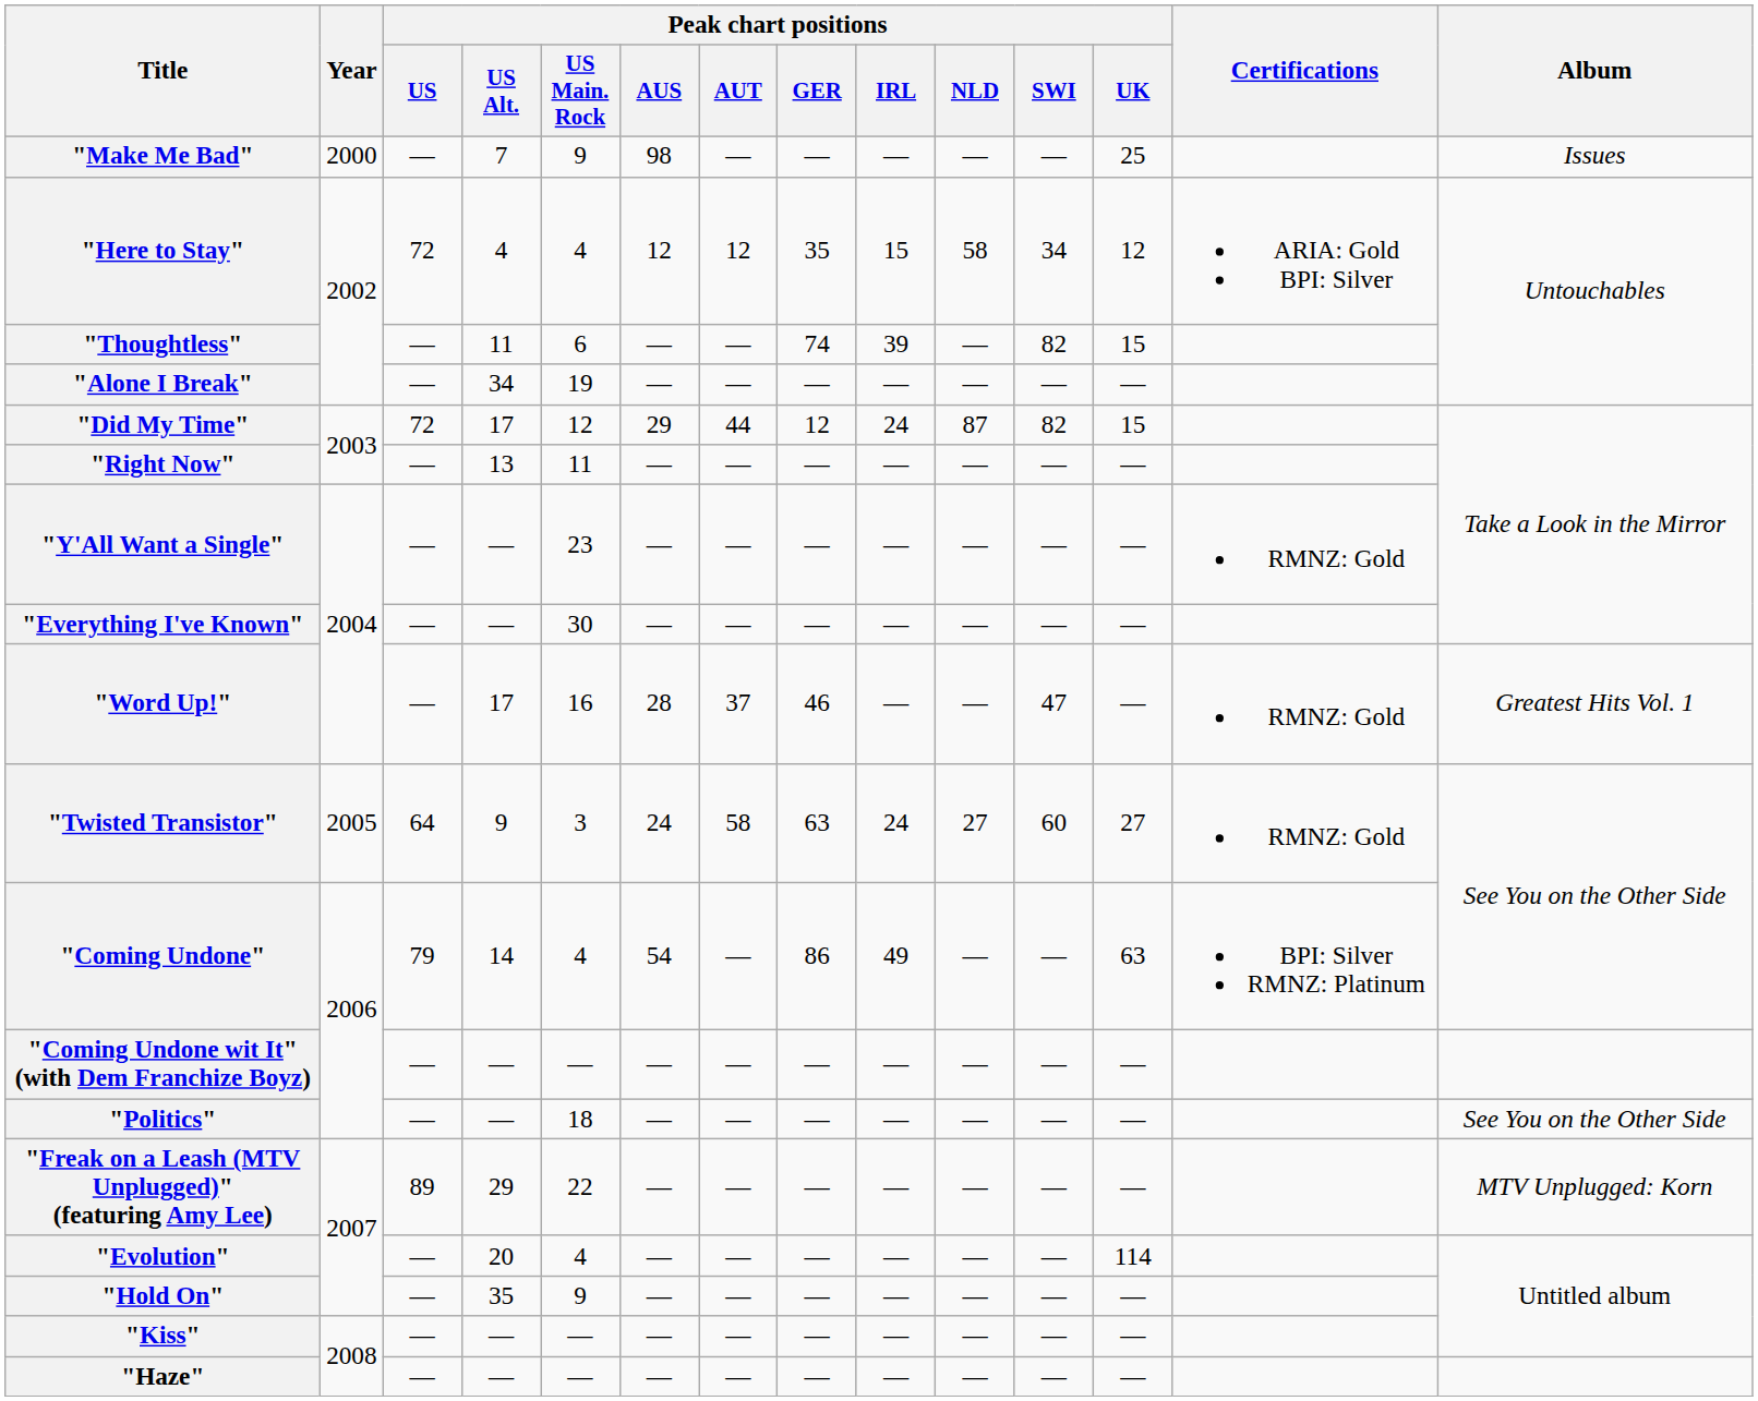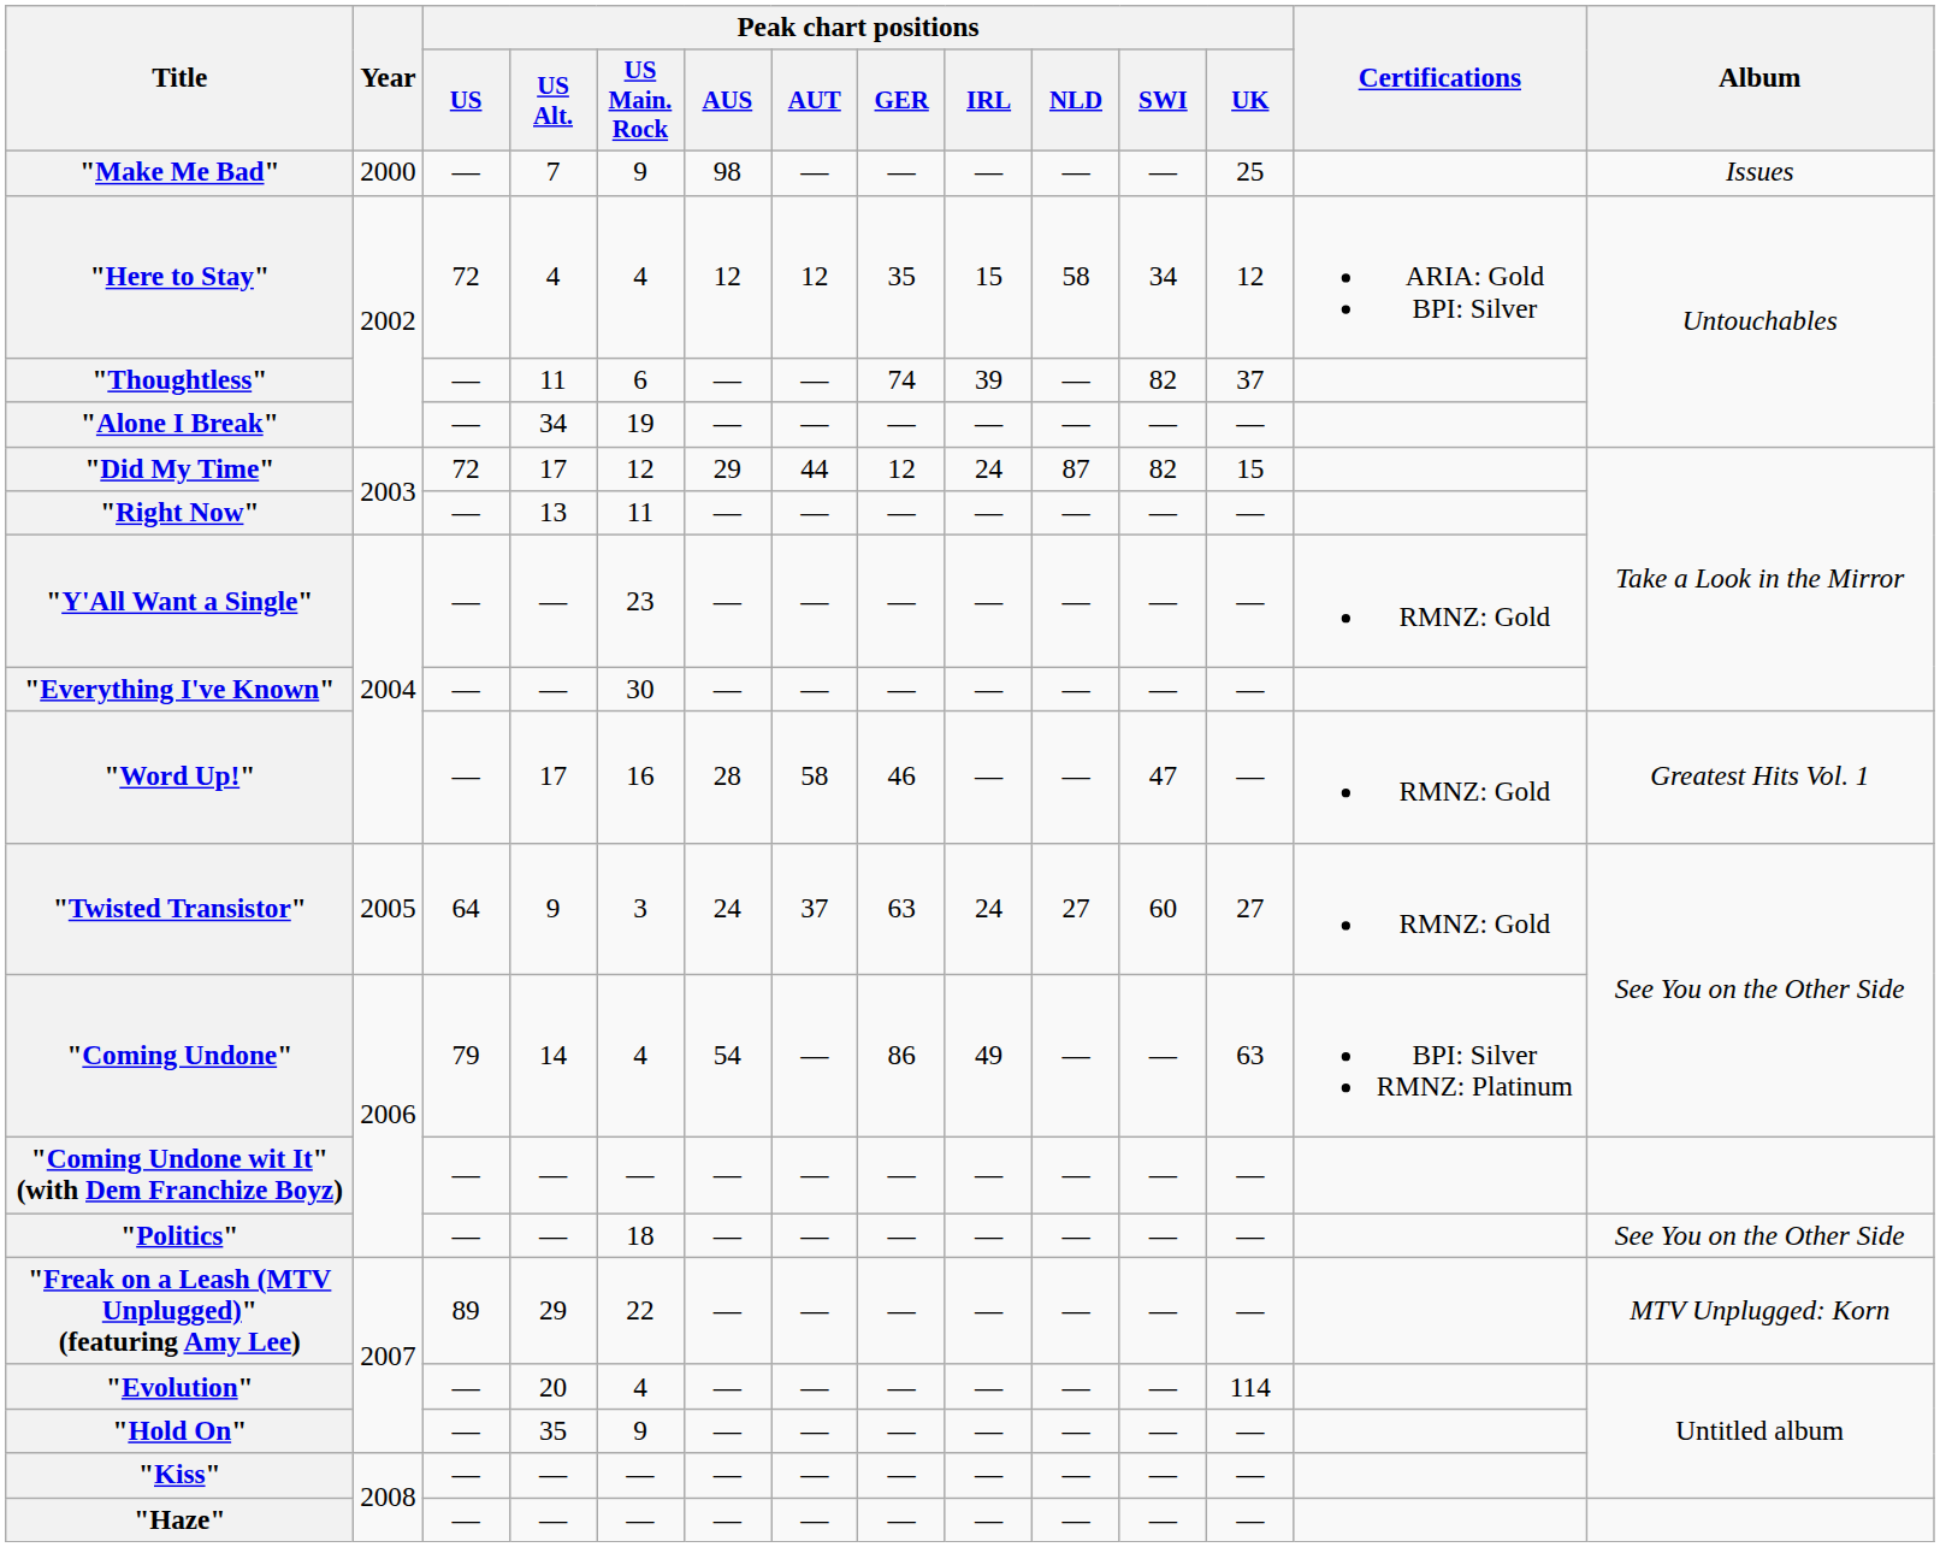 <table class="wikitable plainrowheaders" style="text-align:center;">
 <tr>
 <th scope="col" rowspan="2" style="width:12em;">Title</th>
 <th scope="col" rowspan="2">Year</th>
 <th scope="col" colspan="10">Peak chart positions</th>
 <th scope="col" rowspan="2" style="width:10em;"><a href='#'>Certifications</a></th>
 <th scope="col" rowspan="2" style="width:12em;">Album</th>
 </tr>
 <tr>
 <th scope="col" style="width:3em;font-size:90%;"><a href='#'>US</a><br></th>
 <th scope="col" style="width:3em;font-size:90%;"><a href='#'>US<br>Alt.</a><br></th>
 <th scope="col" style="width:3em;font-size:90%;"><a href='#'>US<br>Main.<br>Rock</a><br></th>
 <th scope="col" style="width:3em;font-size:90%;"><a href='#'>AUS</a><br></th>
 <th scope="col" style="width:3em;font-size:90%;"><a href='#'>AUT</a><br></th>
 <th scope="col" style="width:3em;font-size:90%;"><a href='#'>GER</a><br></th>
 <th scope="col" style="width:3em;font-size:90%;"><a href='#'>IRL</a><br></th>
 <th scope="col" style="width:3em;font-size:90%;"><a href='#'>NLD</a><br></th>
 <th scope="col" style="width:3em;font-size:90%;"><a href='#'>SWI</a><br></th>
 <th scope="col" style="width:3em;font-size:90%;"><a href='#'>UK</a><br></th>
 </tr>
 <tr>
 <th scope="row">"<a href='#'>Make Me Bad</a>"</th>
 <td>2000</td>
 <td>—</td>
 <td>7</td>
 <td>9</td>
 <td>98</td>
 <td>—</td>
 <td>—</td>
 <td>—</td>
 <td>—</td>
 <td>—</td>
 <td>25</td>
 <td></td>
 <td><em>Issues</em></td>
 </tr>
 <tr>
 <th scope="row">"<a href='#'>Here to Stay</a>"</th>
 <td rowspan="3">2002</td>
 <td>72</td>
 <td>4</td>
 <td>4</td>
 <td>12</td>
 <td>12</td>
 <td>35</td>
 <td>15</td>
 <td>58</td>
 <td>34</td>
 <td>12</td>
 <td><br><ul><li>ARIA: Gold</li><li>BPI: Silver</li></ul></td>
 <td rowspan="3"><em>Untouchables</em></td>
 </tr>
 <tr>
 <th scope="row">"<a href='#'>Thoughtless</a>"</th>
 <td>—</td>
 <td>11</td>
 <td>6</td>
 <td>—</td>
 <td>—</td>
 <td>74</td>
 <td>39</td>
 <td>—</td>
 <td>82</td>
-<td>15</td>
+<td>37</td>
 <td></td>
 </tr>
 <tr>
 <th scope="row">"<a href='#'>Alone I Break</a>"</th>
 <td>—</td>
 <td>34</td>
 <td>19</td>
 <td>—</td>
 <td>—</td>
 <td>—</td>
 <td>—</td>
 <td>—</td>
 <td>—</td>
 <td>—</td>
 <td></td>
 </tr>
 <tr>
 <th scope="row">"<a href='#'>Did My Time</a>"</th>
 <td rowspan="2">2003</td>
 <td>72</td>
 <td>17</td>
 <td>12</td>
 <td>29</td>
 <td>44</td>
 <td>12</td>
 <td>24</td>
 <td>87</td>
 <td>82</td>
 <td>15</td>
 <td></td>
 <td rowspan="4"><em>Take a Look in the Mirror</em></td>
 </tr>
 <tr>
 <th scope="row">"<a href='#'>Right Now</a>"</th>
 <td>—</td>
 <td>13</td>
 <td>11</td>
 <td>—</td>
 <td>—</td>
 <td>—</td>
 <td>—</td>
 <td>—</td>
 <td>—</td>
 <td>—</td>
 <td></td>
 </tr>
 <tr>
 <th scope="row">"<a href='#'>Y'All Want a Single</a>"</th>
 <td rowspan="3">2004</td>
 <td>—</td>
 <td>—</td>
 <td>23</td>
 <td>—</td>
 <td>—</td>
 <td>—</td>
 <td>—</td>
 <td>—</td>
 <td>—</td>
 <td>—</td>
 <td><br><ul><li>RMNZ: Gold</li></ul></td>
 </tr>
 <tr>
 <th scope="row">"<a href='#'>Everything I've Known</a>"</th>
 <td>—</td>
 <td>—</td>
 <td>30</td>
 <td>—</td>
 <td>—</td>
 <td>—</td>
 <td>—</td>
 <td>—</td>
 <td>—</td>
 <td>—</td>
 <td></td>
 </tr>
 <tr>
 <th scope="row">"<a href='#'>Word Up!</a>"</th>
 <td>—</td>
 <td>17</td>
 <td>16</td>
 <td>28</td>
-<td>37</td>
+<td>58</td>
 <td>46</td>
 <td>—</td>
 <td>—</td>
 <td>47</td>
 <td>—</td>
 <td><br><ul><li>RMNZ: Gold</li></ul></td>
 <td><em>Greatest Hits Vol. 1</em></td>
 </tr>
 <tr>
 <th scope="row">"<a href='#'>Twisted Transistor</a>"</th>
 <td>2005</td>
 <td>64</td>
 <td>9</td>
 <td>3</td>
 <td>24</td>
-<td>58</td>
+<td>37</td>
 <td>63</td>
 <td>24</td>
 <td>27</td>
 <td>60</td>
 <td>27</td>
 <td><br><ul><li>RMNZ: Gold</li></ul></td>
 <td rowspan="2"><em>See You on the Other Side</em></td>
 </tr>
 <tr>
 <th scope="row">"<a href='#'>Coming Undone</a>"</th>
 <td rowspan="3">2006</td>
 <td>79</td>
 <td>14</td>
 <td>4</td>
 <td>54</td>
 <td>—</td>
 <td>86</td>
 <td>49</td>
 <td>—</td>
 <td>—</td>
 <td>63</td>
 <td><br><ul><li>BPI: Silver</li><li>RMNZ: Platinum</li></ul></td>
 </tr>
 <tr>
 <th scope="row">"<a href='#'>Coming Undone wit It</a>"<br><span>(with <a href='#'>Dem Franchize Boyz</a>)</span></th>
 <td>—</td>
 <td>—</td>
 <td>—</td>
 <td>—</td>
 <td>—</td>
 <td>—</td>
 <td>—</td>
 <td>—</td>
 <td>—</td>
 <td>—</td>
 <td></td>
 <td></td>
 </tr>
 <tr>
 <th scope="row">"<a href='#'>Politics</a>"</th>
 <td>—</td>
 <td>—</td>
 <td>18</td>
 <td>—</td>
 <td>—</td>
 <td>—</td>
 <td>—</td>
 <td>—</td>
 <td>—</td>
 <td>—</td>
 <td></td>
 <td><em>See You on the Other Side</em></td>
 </tr>
 <tr>
 <th scope="row">"<a href='#'>Freak on a Leash (MTV Unplugged)</a>"<br><span>(featuring <a href='#'>Amy Lee</a>)</span></th>
 <td rowspan="3">2007</td>
 <td>89</td>
 <td>29</td>
 <td>22</td>
 <td>—</td>
 <td>—</td>
 <td>—</td>
 <td>—</td>
 <td>—</td>
 <td>—</td>
 <td>—</td>
 <td></td>
 <td><em>MTV Unplugged: Korn</em></td>
 </tr>
 <tr>
 <th scope="row">"<a href='#'>Evolution</a>"</th>
 <td>—</td>
 <td>20</td>
 <td>4</td>
 <td>—</td>
 <td>—</td>
 <td>—</td>
 <td>—</td>
 <td>—</td>
 <td>—</td>
 <td>114</td>
 <td></td>
 <td rowspan="3">Untitled album</td>
 </tr>
 <tr>
 <th scope="row">"<a href='#'>Hold On</a>"</th>
 <td>—</td>
 <td>35</td>
 <td>9</td>
 <td>—</td>
 <td>—</td>
 <td>—</td>
 <td>—</td>
 <td>—</td>
 <td>—</td>
 <td>—</td>
 <td></td>
 </tr>
 <tr>
 <th scope="row">"<a href='#'>Kiss</a>"</th>
 <td rowspan="2">2008</td>
 <td>—</td>
 <td>—</td>
 <td>—</td>
 <td>—</td>
 <td>—</td>
 <td>—</td>
 <td>—</td>
 <td>—</td>
 <td>—</td>
 <td>—</td>
 <td></td>
 </tr>
 <tr>
 <th scope="row">"Haze"</th>
 <td>—</td>
 <td>—</td>
 <td>—</td>
 <td>—</td>
 <td>—</td>
 <td>—</td>
 <td>—</td>
 <td>—</td>
 <td>—</td>
 <td>—</td>
 <td></td>
 <td></td>
 </tr>
 </table>
